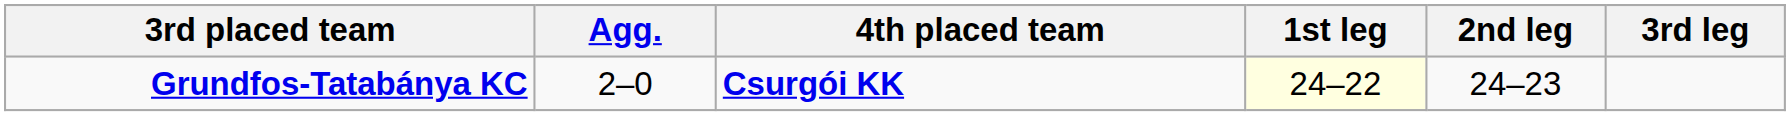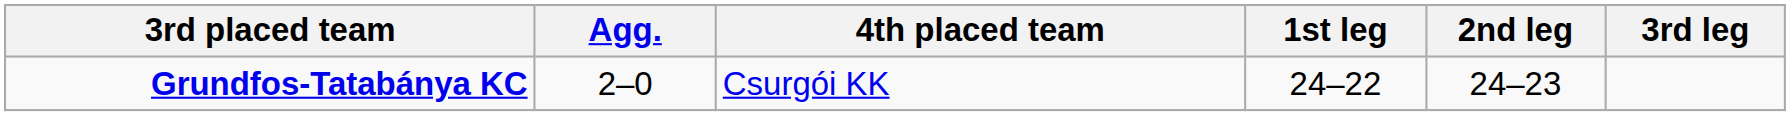 <table class=wikitable style="text-align:center">
 <tr>
 <th width=250>3rd placed team</th>
 <th width=80><a href='#'>Agg.</a></th>
 <th width=250>4th placed team</th>
 <th width=80>1st leg</th>
 <th width=80>2nd leg</th>
 <th width=80>3rd leg</th>
 </tr>
 <tr>
 <td align=right> <strong><a href='#'>Grundfos-Tatabánya KC</a></strong></td>
 <td>2–0</td>
-<td align=left><strong> <a href='#'>Csurgói KK</a></strong></td>
-<td style="background: lightyellow;">24–22</td>
+<td align=left> <a href='#'>Csurgói KK</a></td>
+<td>24–22</td>
 <td>24–23</td>
 </tr>
 </table>
